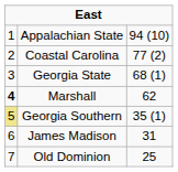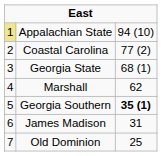 <table class="wikitable" style="display: inline-table;">
 <tr align="center">
 <td align="center" Colspan="3"><strong>East</strong><br></td>
 </tr>
 <tr align="center">
-<td>1</td>
+<td style="background: khaki;">1</td>
 <td>Appalachian State</td>
 <td>94 (10)</td>
 </tr>
 <tr align="center">
 <td>2</td>
 <td>Coastal Carolina</td>
 <td>77 (2)</td>
 </tr>
 <tr align="center">
 <td>3</td>
 <td>Georgia State</td>
 <td>68 (1)</td>
 </tr>
 <tr align="center">
-<td><strong>4</strong></td>
+<td>4</td>
 <td>Marshall</td>
 <td>62</td>
 </tr>
 <tr align="center">
-<td style="background: khaki;">5</td>
+<td>5</td>
 <td>Georgia Southern</td>
-<td>35 (1)</td>
+<td><strong>35 (1)</strong></td>
 </tr>
 <tr align="center">
 <td>6</td>
 <td>James Madison</td>
 <td>31</td>
 </tr>
 <tr align="center">
 <td>7</td>
 <td>Old Dominion</td>
 <td>25</td>
 </tr>
 </table>
